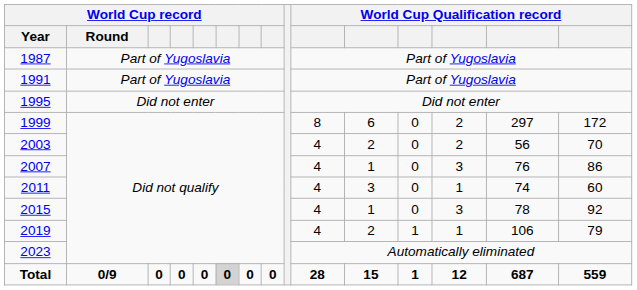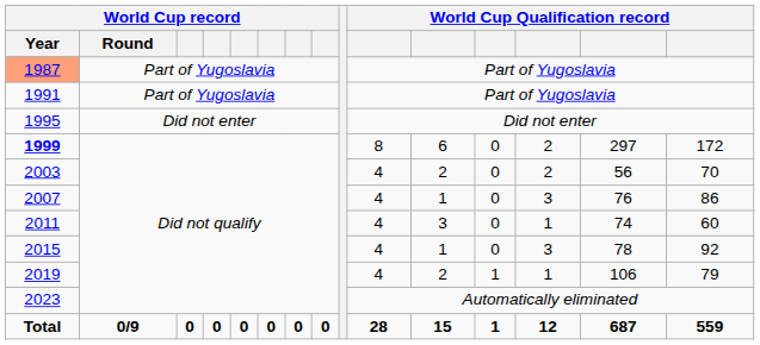 <table class="wikitable" style="text-align: center;">
 <tr>
 <th colspan=8><a href='#'>World Cup record</a></th>
 <th width=1% rowspan=25></th>
 <th colspan=6><a href='#'>World Cup Qualification record</a></th>
 </tr>
 <tr>
 <th>Year</th>
 <th>Round</th>
 <th></th>
 <th></th>
 <th></th>
 <th></th>
 <th></th>
 <th></th>
 <th></th>
 <th></th>
 <th></th>
 <th></th>
 <th></th>
 <th></th>
 </tr>
 <tr>
-<td> <a href='#'>1987</a></td>
+<td style="background: lightsalmon;"> <a href='#'>1987</a></td>
 <td colspan=7><em>Part of <a href='#'>Yugoslavia</a></em></td>
 <td colspan=6><em>Part of <a href='#'>Yugoslavia</a></em></td>
 </tr>
 <tr>
 <td> <a href='#'>1991</a></td>
 <td colspan=7><em>Part of <a href='#'>Yugoslavia</a></em></td>
 <td colspan=6><em>Part of <a href='#'>Yugoslavia</a></em></td>
 </tr>
 <tr>
 <td> <a href='#'>1995</a></td>
 <td colspan=7><em>Did not enter</em></td>
 <td colspan=6><em>Did not enter</em></td>
 </tr>
 <tr>
-<td> <a href='#'>1999</a></td>
+<td><strong> <a href='#'>1999</a></strong></td>
 <td rowspan=7 colspan=7><em>Did not qualify</em></td>
 <td>8</td>
 <td>6</td>
 <td>0</td>
 <td>2</td>
 <td>297</td>
 <td>172</td>
 </tr>
 <tr>
 <td> <a href='#'>2003</a></td>
 <td>4</td>
 <td>2</td>
 <td>0</td>
 <td>2</td>
 <td>56</td>
 <td>70</td>
 </tr>
 <tr>
 <td> <a href='#'>2007</a></td>
 <td>4</td>
 <td>1</td>
 <td>0</td>
 <td>3</td>
 <td>76</td>
 <td>86</td>
 </tr>
 <tr>
 <td> <a href='#'>2011</a></td>
 <td>4</td>
 <td>3</td>
 <td>0</td>
 <td>1</td>
 <td>74</td>
 <td>60</td>
 </tr>
 <tr>
 <td> <a href='#'>2015</a></td>
 <td>4</td>
 <td>1</td>
 <td>0</td>
 <td>3</td>
 <td>78</td>
 <td>92</td>
 </tr>
 <tr>
 <td> <a href='#'>2019</a></td>
 <td>4</td>
 <td>2</td>
 <td>1</td>
 <td>1</td>
 <td>106</td>
 <td>79</td>
 </tr>
 <tr>
 <td> <a href='#'>2023</a></td>
 <td colspan=6><em>Automatically eliminated</em></td>
 </tr>
 <tr>
 <td><strong>Total</strong></td>
 <td><strong>0/9</strong></td>
 <td><strong>0</strong></td>
 <td><strong>0</strong></td>
 <td><strong>0</strong></td>
-<td style="background: lightgrey;"><strong>0</strong></td>
+<td><strong>0</strong></td>
 <td><strong>0</strong></td>
 <td><strong>0</strong></td>
 <td><strong>28</strong></td>
 <td><strong>15</strong></td>
 <td><strong>1</strong></td>
 <td><strong>12</strong></td>
 <td><strong>687</strong></td>
 <td><strong>559</strong></td>
 </tr>
 </table>
